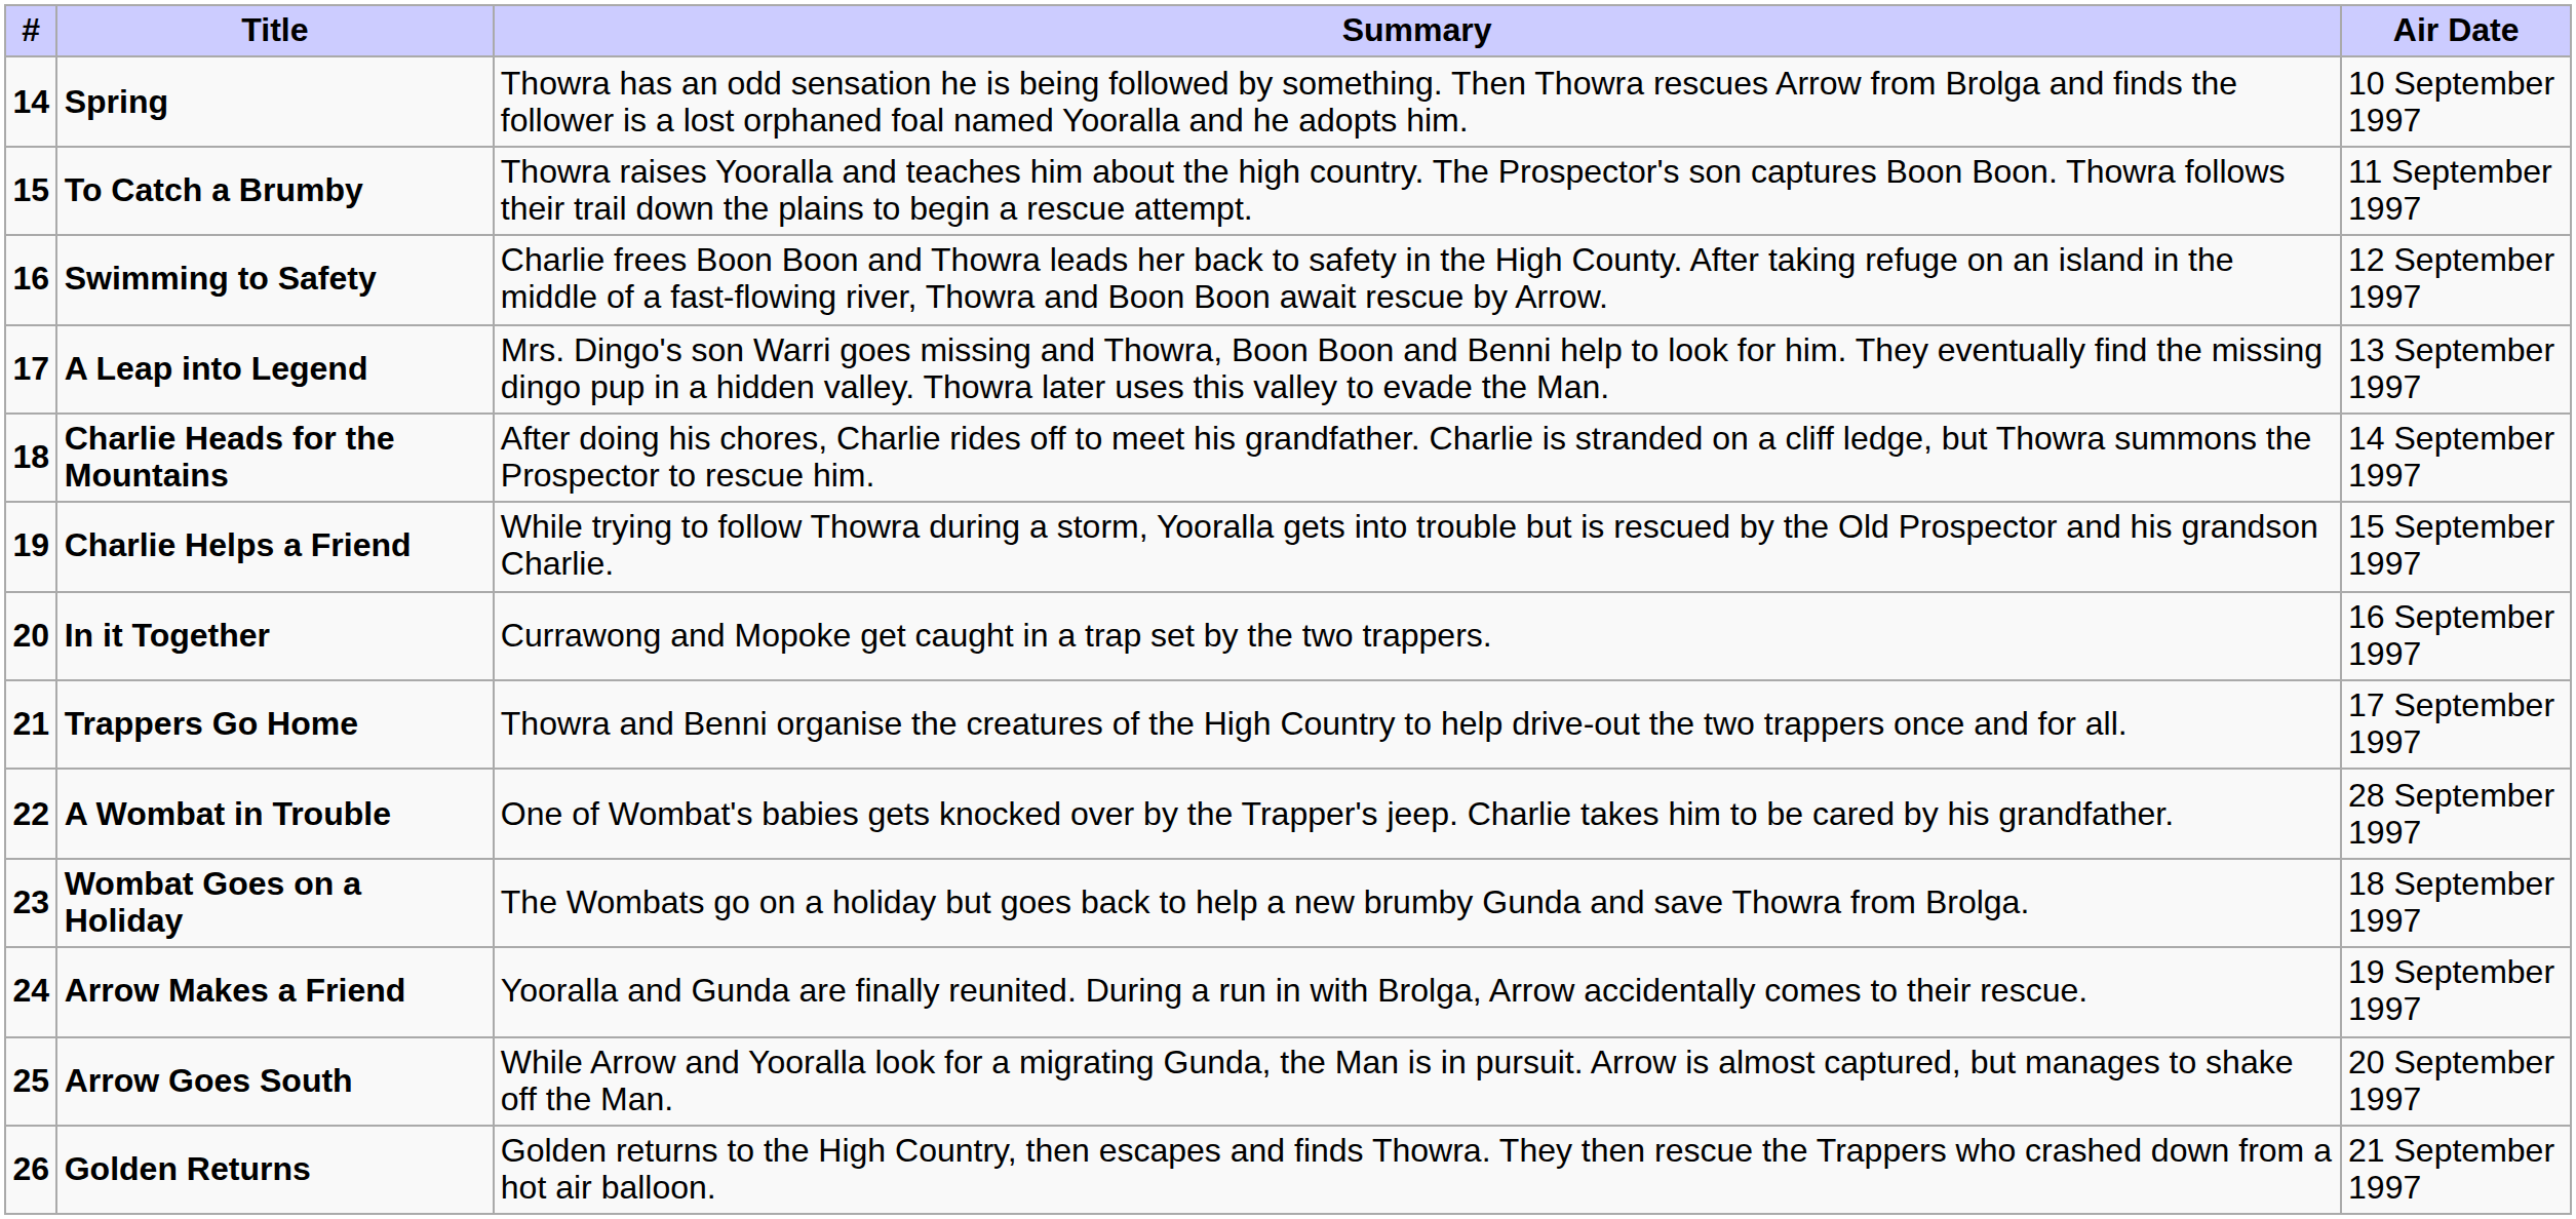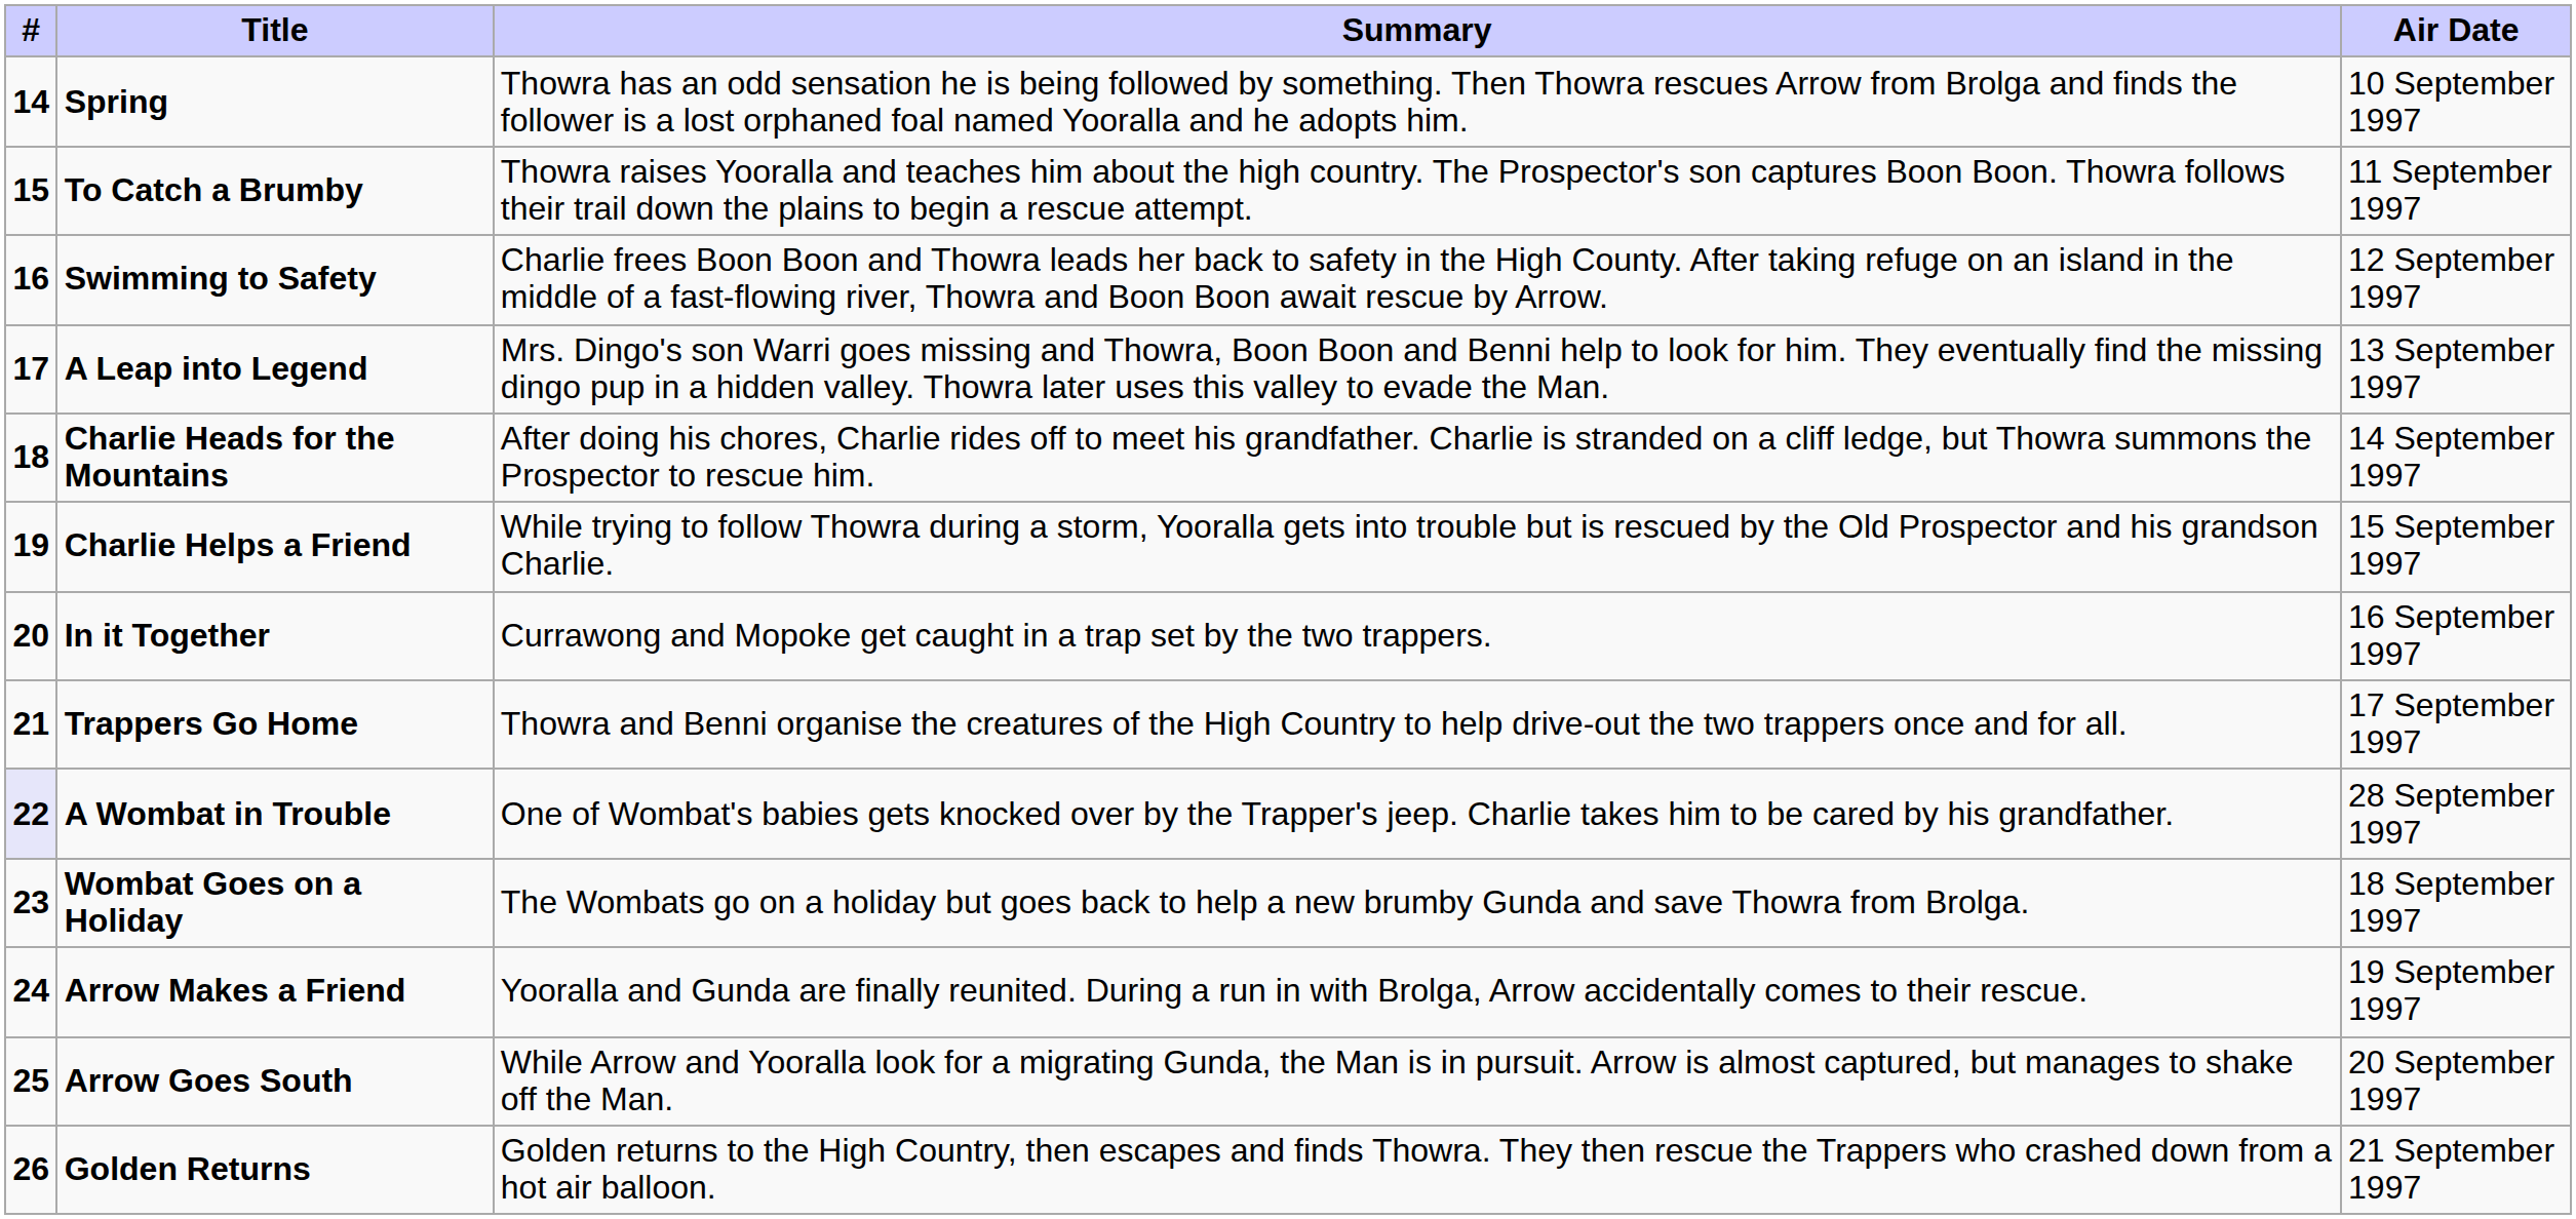 <table class="wikitable" style="width:99%;">
 <tr>
 <th style="background:#ccf; width:2%;"><strong>#</strong></th>
 <th style="background:#ccf; width:17%;"><strong>Title</strong></th>
 <th style="background:#ccf;"><strong>Summary</strong></th>
 <th style="background:#ccf; width:9%;"><strong>Air Date</strong></th>
 </tr>
 <tr>
 <td><strong>14</strong></td>
 <td><strong>Spring</strong></td>
 <td>Thowra has an odd sensation he is being followed by something. Then Thowra rescues Arrow from Brolga and finds the follower is a lost orphaned foal named Yooralla and he adopts him.</td>
 <td>10 September 1997</td>
 </tr>
 <tr>
 <td><strong>15</strong></td>
 <td><strong>To Catch a Brumby</strong></td>
 <td>Thowra raises Yooralla and teaches him about the high country. The Prospector's son captures Boon Boon. Thowra follows their trail down the plains to begin a rescue attempt.</td>
 <td>11 September 1997</td>
 </tr>
 <tr>
 <td><strong>16</strong></td>
 <td><strong>Swimming to Safety</strong></td>
 <td>Charlie frees Boon Boon and Thowra leads her back to safety in the High County. After taking refuge on an island in the middle of a fast-flowing river, Thowra and Boon Boon await rescue by Arrow.</td>
 <td>12 September 1997</td>
 </tr>
 <tr>
 <td><strong>17</strong></td>
 <td><strong>A Leap into Legend</strong></td>
 <td>Mrs. Dingo's son Warri goes missing and Thowra, Boon Boon and Benni help to look for him. They eventually find the missing dingo pup in a hidden valley. Thowra later uses this valley to evade the Man.</td>
 <td>13 September 1997</td>
 </tr>
 <tr>
 <td><strong>18</strong></td>
 <td><strong>Charlie Heads for the Mountains</strong></td>
 <td>After doing his chores, Charlie rides off to meet his grandfather. Charlie is stranded on a cliff ledge, but Thowra summons the Prospector to rescue him.</td>
 <td>14 September 1997</td>
 </tr>
 <tr>
 <td><strong>19</strong></td>
 <td><strong>Charlie Helps a Friend</strong></td>
 <td>While trying to follow Thowra during a storm, Yooralla gets into trouble but is rescued by the Old Prospector and his grandson Charlie.</td>
 <td>15 September 1997</td>
 </tr>
 <tr>
 <td><strong>20</strong></td>
 <td><strong>In it Together</strong></td>
 <td>Currawong and Mopoke get caught in a trap set by the two trappers.</td>
 <td>16 September 1997</td>
 </tr>
 <tr>
 <td><strong>21</strong></td>
 <td><strong>Trappers Go Home</strong></td>
 <td>Thowra and Benni organise the creatures of the High Country to help drive-out the two trappers once and for all.</td>
 <td>17 September 1997</td>
 </tr>
 <tr>
-<td><strong>22</strong></td>
+<td style="background: lavender;"><strong>22</strong></td>
 <td><strong>A Wombat in Trouble</strong></td>
 <td>One of Wombat's babies gets knocked over by the Trapper's jeep. Charlie takes him to be cared by his grandfather.</td>
 <td>28 September 1997</td>
 </tr>
 <tr>
 <td><strong>23</strong></td>
 <td><strong>Wombat Goes on a Holiday</strong></td>
 <td>The Wombats go on a holiday but goes back to help a new brumby Gunda and save Thowra from Brolga.</td>
 <td>18 September 1997</td>
 </tr>
 <tr>
 <td><strong>24</strong></td>
 <td><strong>Arrow Makes a Friend</strong></td>
 <td>Yooralla and Gunda are finally reunited. During a run in with Brolga, Arrow accidentally comes to their rescue.</td>
 <td>19 September 1997</td>
 </tr>
 <tr>
 <td><strong>25</strong></td>
 <td><strong>Arrow Goes South</strong></td>
 <td>While Arrow and Yooralla look for a migrating Gunda, the Man is in pursuit. Arrow is almost captured, but manages to shake off the Man.</td>
 <td>20 September 1997</td>
 </tr>
 <tr>
 <td><strong>26</strong></td>
 <td><strong>Golden Returns</strong></td>
 <td>Golden returns to the High Country, then escapes and finds Thowra. They then rescue the Trappers who crashed down from a hot air balloon.</td>
 <td>21 September 1997</td>
 </tr>
 <tr>
 </tr>
 </table>
